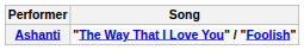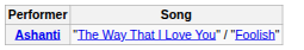 <table class="wikitable unsortable" style="text-align:center">
 <tr>
 <th scope="col">Performer</th>
 <th scope="col">Song</th>
 </tr>
 <tr>
 <th scope="row"><a href='#'>Ashanti</a></th>
-<td><strong>"<a href='#'>The Way That I Love You</a>" / "<a href='#'>Foolish</a>"</strong></td>
+<td>"<a href='#'>The Way That I Love You</a>" / "<a href='#'>Foolish</a>"</td>
 </tr>
 </table>
